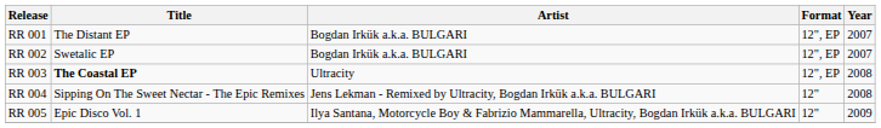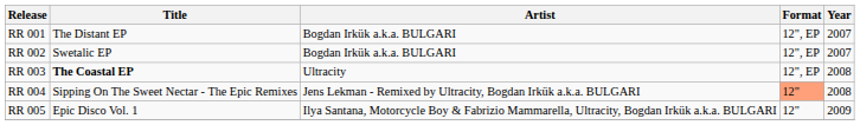 <table class="wikitable" border="1">
 <tr>
 <th>Release</th>
 <th>Title</th>
 <th>Artist</th>
 <th>Format</th>
 <th>Year</th>
 </tr>
 <tr>
 <td>RR 001</td>
 <td>The Distant EP</td>
 <td>Bogdan Irkük a.k.a. BULGARI</td>
 <td>12", EP</td>
 <td>2007</td>
 </tr>
 <tr>
 <td>RR 002</td>
 <td>Swetalic EP</td>
 <td>Bogdan Irkük a.k.a. BULGARI</td>
 <td>12", EP</td>
 <td>2007</td>
 </tr>
 <tr>
 <td>RR 003</td>
 <td><strong>The Coastal EP</strong></td>
 <td>Ultracity</td>
 <td>12", EP</td>
 <td>2008</td>
 </tr>
 <tr>
 <td>RR 004</td>
 <td>Sipping On The Sweet Nectar - The Epic Remixes</td>
 <td>Jens Lekman - Remixed by Ultracity, Bogdan Irkük a.k.a. BULGARI</td>
-<td>12"</td>
+<td style="background: lightsalmon;">12"</td>
 <td>2008</td>
 </tr>
 <tr>
 <td>RR 005</td>
 <td>Epic Disco Vol. 1</td>
 <td>Ilya Santana, Motorcycle Boy & Fabrizio Mammarella, Ultracity, Bogdan Irkük a.k.a. BULGARI</td>
 <td>12"</td>
 <td>2009</td>
 </tr>
 <tr>
 </tr>
 </table>
